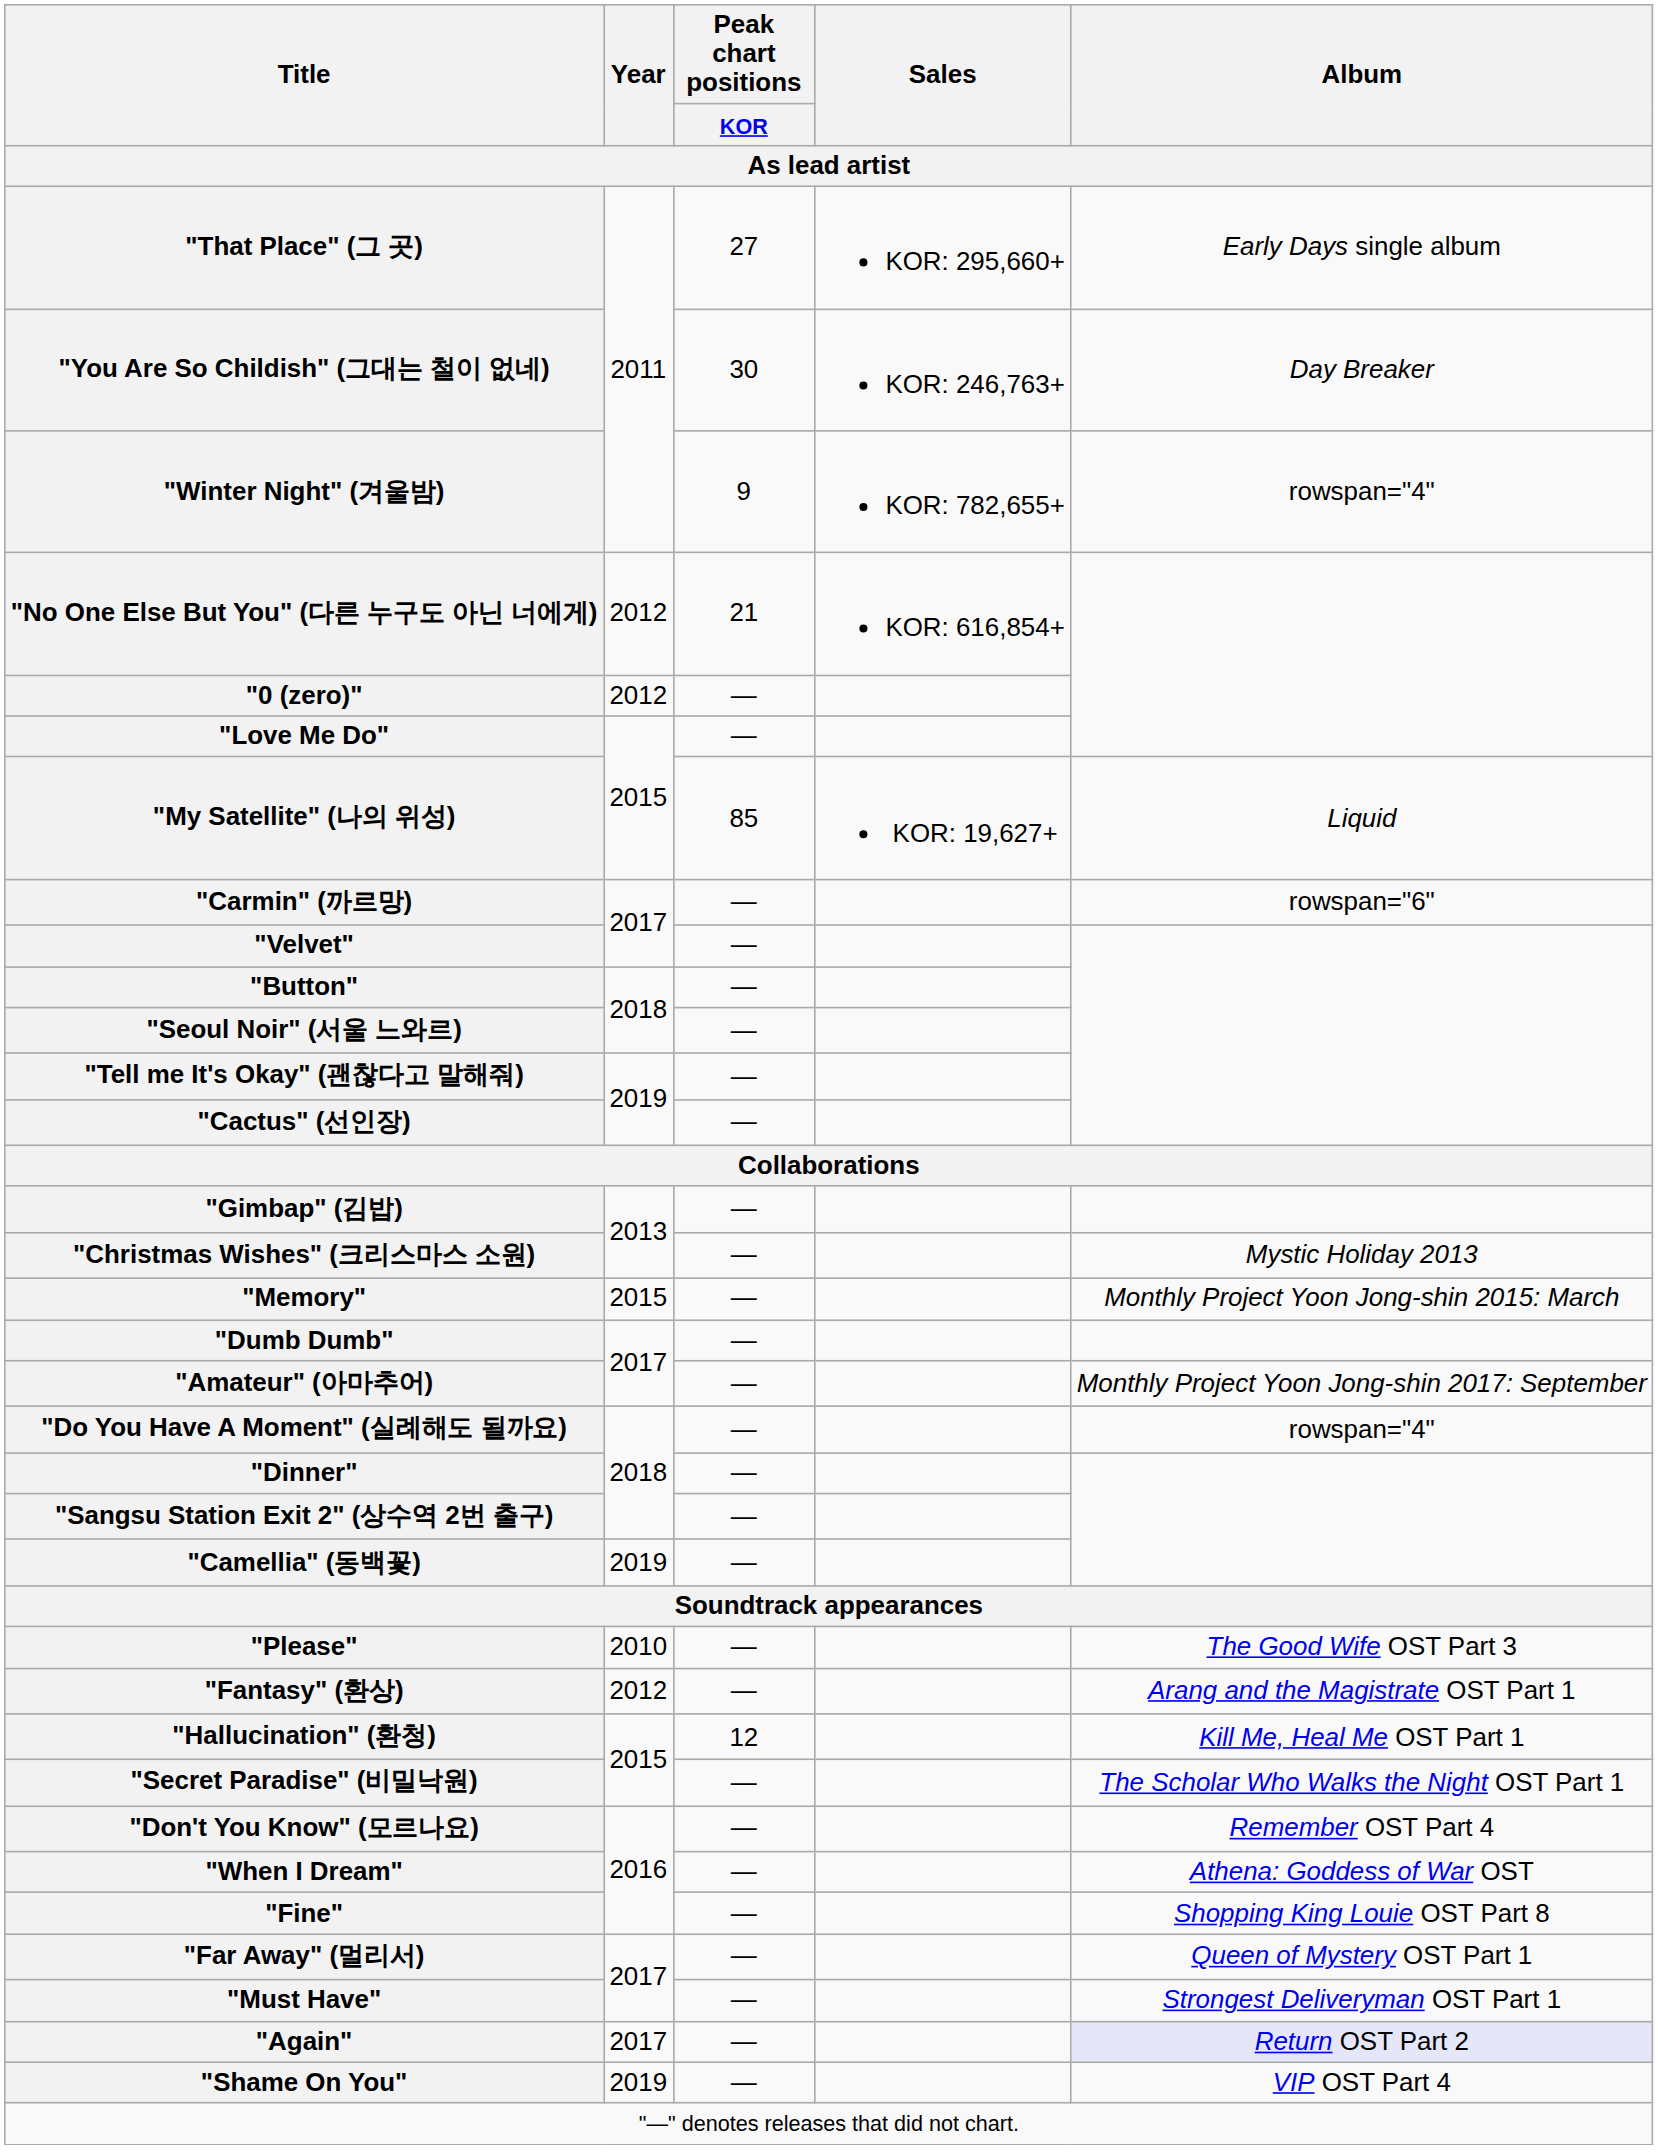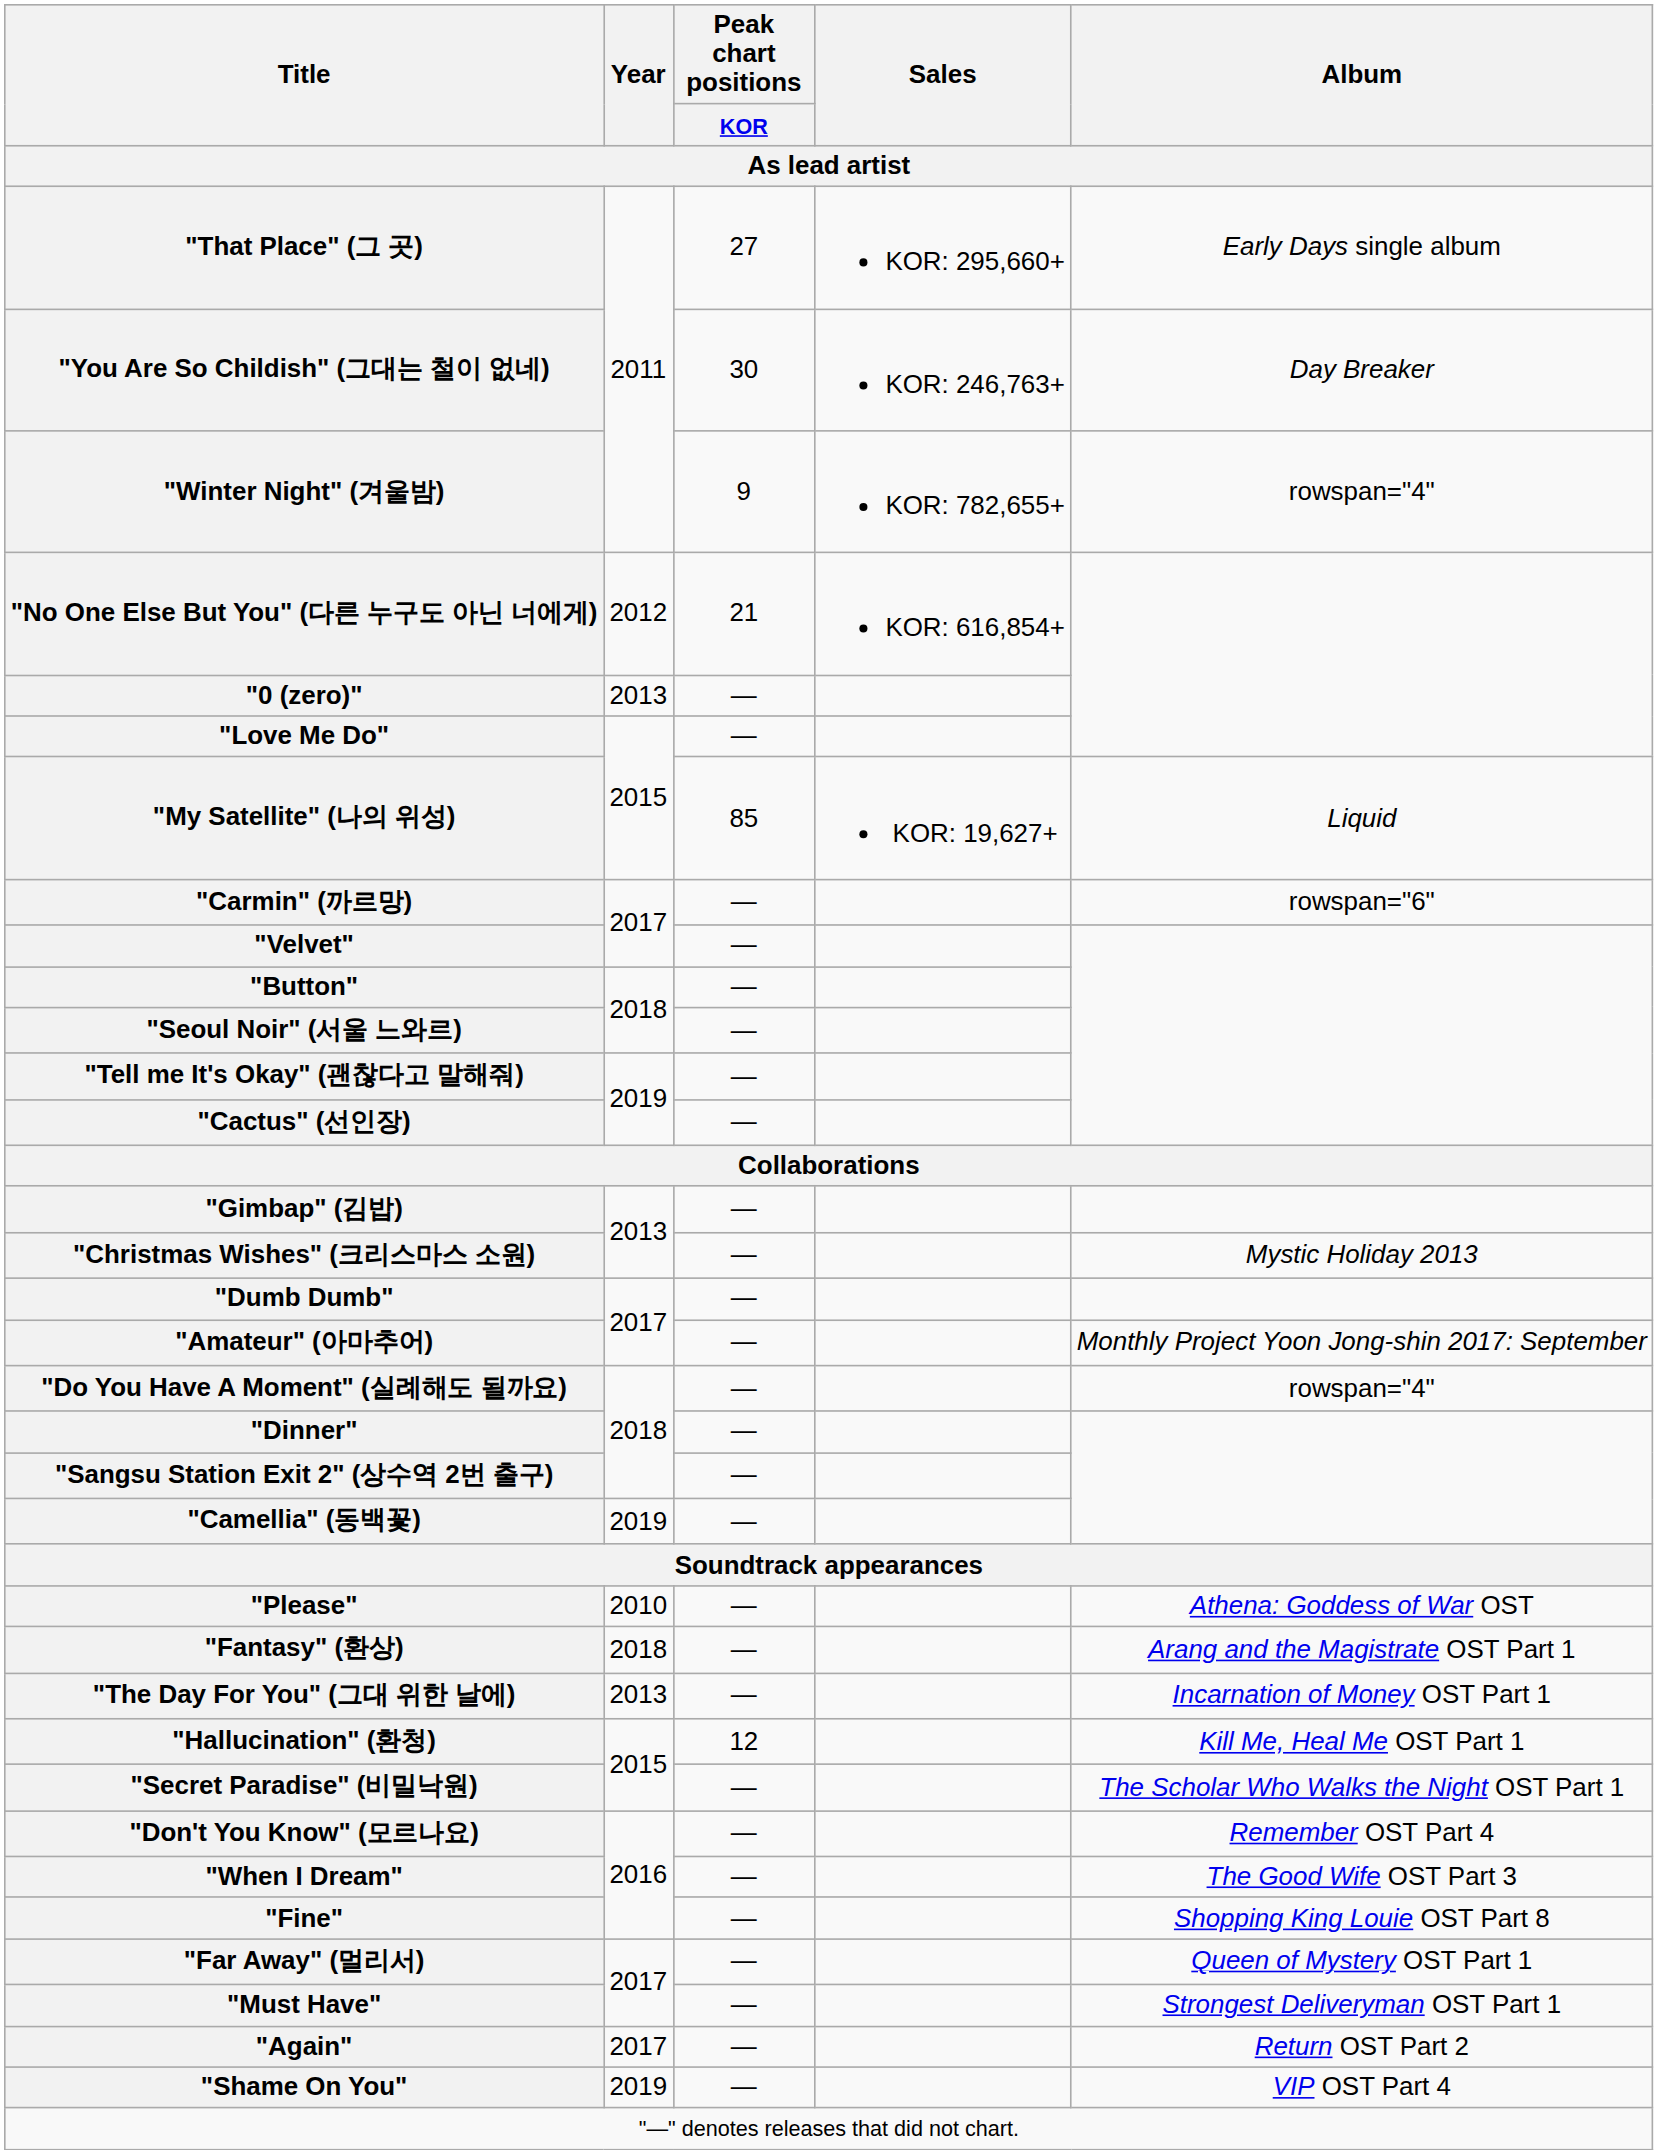 <table class="wikitable plainrowheaders" style="text-align:center;">
 <tr>
 <th scope="col" rowspan="2">Title</th>
 <th scope="col" rowspan="2">Year</th>
 <th scope="col" colspan="1" style="width:5em;">Peak chart positions</th>
 <th scope="col" rowspan="2">Sales</th>
 <th scope="col" rowspan="2">Album</th>
 </tr>
 <tr>
 <th><small><a href='#'>KOR</a></small><br></th>
 </tr>
 <tr>
 <th scope="col" colspan="5">As lead artist</th>
 </tr>
 <tr>
 <th scope="row">"That Place" (그 곳)</th>
 <td rowspan="3">2011</td>
 <td>27</td>
 <td><br><ul><li>KOR: 295,660+</li></ul></td>
 <td><em>Early Days</em> single album</td>
 </tr>
 <tr>
 <th scope="row">"You Are So Childish" (그대는 철이 없네)<br></th>
 <td>30</td>
 <td><br><ul><li>KOR: 246,763+</li></ul></td>
 <td><em>Day Breaker</em></td>
 </tr>
 <tr>
 <th scope="row">"Winter Night" (겨울밤)</th>
 <td>9</td>
 <td><br><ul><li>KOR: 782,655+</li></ul></td>
 <td>rowspan="4" </td>
 </tr>
 <tr>
 <th scope="row">"No One Else But You" (다른 누구도 아닌 너에게)</th>
 <td>2012</td>
 <td>21</td>
 <td><br><ul><li>KOR: 616,854+</li></ul></td>
 </tr>
 <tr>
 <th scope="row">"0 (zero)"</th>
-<td>2012</td>
+<td>2013</td>
 <td>—</td>
 <td></td>
 </tr>
 <tr>
 <th scope="row">"Love Me Do"</th>
 <td rowspan="2">2015</td>
 <td>—</td>
 <td></td>
 </tr>
 <tr>
 <th scope="row">"My Satellite" (나의 위성)</th>
 <td>85</td>
 <td><br><ul><li>KOR: 19,627+</li></ul></td>
 <td><em>Liquid</em></td>
 </tr>
 <tr>
 <th scope="row">"Carmin" (까르망)</th>
 <td rowspan="2">2017</td>
 <td>—</td>
 <td></td>
 <td>rowspan="6" </td>
 </tr>
 <tr>
 <th scope="row">"Velvet"</th>
 <td>—</td>
 <td></td>
 </tr>
 <tr>
 <th scope="row">"Button"</th>
 <td rowspan="2">2018</td>
 <td>—</td>
 <td></td>
 </tr>
 <tr>
 <th scope="row">"Seoul Noir" (서울 느와르)</th>
 <td>—</td>
 <td></td>
 </tr>
 <tr>
 <th scope="row">"Tell me It's Okay" (괜찮다고 말해줘)</th>
 <td rowspan="2">2019</td>
 <td>—</td>
 <td></td>
 </tr>
 <tr>
 <th scope="row">"Cactus" (선인장)</th>
 <td>—</td>
 <td></td>
 </tr>
 <tr>
 <th scope="col" colspan="5">Collaborations</th>
 </tr>
 <tr>
 <th scope="row">"Gimbap" (김밥)<br></th>
 <td rowspan="2">2013</td>
 <td>—</td>
 <td></td>
 <td></td>
 </tr>
 <tr>
 <th scope="row">"Christmas Wishes" (크리스마스 소원)<br></th>
 <td>—</td>
 <td></td>
 <td><em>Mystic Holiday 2013</em></td>
 </tr>
 <tr>
-<th scope="row">"Memory"<br></th>
-<td>2015</td>
-<td>—</td>
-<td></td>
-<td><em>Monthly Project Yoon Jong-shin 2015: March</em></td>
-</tr>
-<tr>
 <th scope="row">"Dumb Dumb"<br></th>
 <td rowspan="2">2017</td>
 <td>—</td>
 <td></td>
 <td></td>
 </tr>
 <tr>
 <th scope="row">"Amateur" (아마추어)<br></th>
 <td>—</td>
 <td></td>
 <td><em>Monthly Project Yoon Jong-shin 2017: September</em></td>
 </tr>
 <tr>
 <th scope="row">"Do You Have A Moment" (실례해도 될까요)<br></th>
 <td rowspan="3">2018</td>
 <td>—</td>
 <td></td>
 <td>rowspan="4" </td>
 </tr>
 <tr>
 <th scope="row">"Dinner"<br></th>
 <td>—</td>
 <td></td>
 </tr>
 <tr>
 <th scope="row">"Sangsu Station Exit 2" (상수역 2번 출구)<br></th>
 <td>—</td>
 <td></td>
 </tr>
 <tr>
 <th scope="row">"Camellia" (동백꽃)<br></th>
 <td rowspan="1">2019</td>
 <td>—</td>
 <td></td>
 </tr>
 <tr>
 <th scope="col" colspan="5">Soundtrack appearances</th>
 </tr>
 <tr>
 <th scope="row">"Please"</th>
 <td>2010</td>
 <td>—</td>
 <td></td>
-<td><em><a href='#'>The Good Wife</a></em> OST Part 3</td>
+<td><em><a href='#'>Athena: Goddess of War</a></em> OST</td>
 </tr>
 <tr>
 <th scope="row">"Fantasy" (환상)</th>
-<td>2012</td>
+<td>2018</td>
 <td>—</td>
 <td></td>
 <td><em><a href='#'>Arang and the Magistrate</a></em> OST Part 1</td>
+</tr>
+<tr>
+<th scope="row">"The Day For You" (그대 위한 날에)</th>
+<td>2013</td>
+<td>—</td>
+<td></td>
+<td><em><a href='#'>Incarnation of Money</a></em> OST Part 1</td>
 </tr>
 <tr>
 <th scope="row">"Hallucination" (환청)<br></th>
 <td rowspan="2">2015</td>
 <td>12</td>
 <td></td>
 <td><em><a href='#'>Kill Me, Heal Me</a></em> OST Part 1</td>
 </tr>
 <tr>
 <th scope="row">"Secret Paradise" (비밀낙원)</th>
 <td>—</td>
 <td></td>
 <td><em><a href='#'>The Scholar Who Walks the Night</a></em> OST Part 1</td>
 </tr>
 <tr>
 <th scope="row">"Don't You Know" (모르나요)</th>
 <td rowspan="3">2016</td>
 <td>—</td>
 <td></td>
 <td><em><a href='#'>Remember</a></em> OST Part 4</td>
 </tr>
 <tr>
 <th scope="row">"When I Dream"</th>
 <td>—</td>
 <td></td>
-<td><em><a href='#'>Athena: Goddess of War</a></em> OST</td>
+<td><em><a href='#'>The Good Wife</a></em> OST Part 3</td>
 </tr>
 <tr>
 <th scope="row">"Fine"</th>
 <td>—</td>
 <td></td>
 <td><em><a href='#'>Shopping King Louie</a></em> OST Part 8</td>
 </tr>
 <tr>
 <th scope="row">"Far Away" (멀리서)<br></th>
 <td rowspan="2">2017</td>
 <td>—</td>
 <td></td>
 <td><em><a href='#'>Queen of Mystery</a></em> OST Part 1</td>
 </tr>
 <tr>
 <th scope="row">"Must Have"</th>
 <td>—</td>
 <td></td>
 <td><em><a href='#'>Strongest Deliveryman</a></em> OST Part 1</td>
 </tr>
 <tr>
 <th scope="row">"Again"</th>
 <td>2017</td>
 <td>—</td>
 <td></td>
-<td style="background: lavender;"><em><a href='#'>Return</a></em> OST Part 2</td>
+<td><em><a href='#'>Return</a></em> OST Part 2</td>
 </tr>
 <tr>
 <th scope="row">"Shame On You"</th>
 <td>2019</td>
 <td>—</td>
 <td></td>
 <td><em><a href='#'>VIP</a></em> OST Part 4</td>
 </tr>
 <tr>
 <td colspan="5" align="center"><small>"—" denotes releases that did not chart.</small></td>
 </tr>
 </table>
